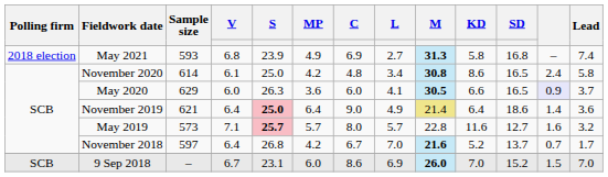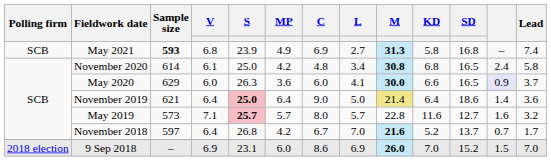 <table class="wikitable sortable" style="text-align:center;font-size:90%;line-height:14px;">
 <tr style="height:40px;">
 <th rowspan="2">Polling firm</th>
 <th rowspan="2">Fieldwork date</th>
 <th rowspan="2">Sample<br>size</th>
 <th class="sortable" style="width:40px;"><a href='#'>V</a></th>
 <th class="sortable" style="width:40px;"><a href='#'>S</a></th>
 <th class="sortable" style="width:40px;"><a href='#'>MP</a></th>
 <th class="sortable" style="width:40px;"><a href='#'>C</a></th>
 <th class="sortable" style="width:40px;"><a href='#'>L</a></th>
 <th class="sortable" style="width:40px;"><a href='#'>M</a></th>
 <th class="sortable" style="width:40px;"><a href='#'>KD</a></th>
 <th class="sortable" style="width:40px;"><a href='#'>SD</a></th>
 <th class="sortable" style="width:30px;" rowspan="2"></th>
 <th style="width:30px;" rowspan="2">Lead</th>
 </tr>
 <tr>
 <th style="background:"></th>
 <th style="background:"></th>
 <th style="background:"></th>
 <th style="background:"></th>
 <th style="background:"></th>
 <th style="background:"></th>
 <th style="background:"></th>
 <th style="background:"></th>
 </tr>
 <tr>
-<td><a href='#'>2018 election</a></td>
+<td>SCB</td>
 <td>May 2021</td>
-<td>593</td>
+<td><strong>593</strong></td>
 <td>6.8</td>
 <td>23.9</td>
 <td>4.9</td>
 <td>6.9</td>
 <td>2.7</td>
 <td style="background:#C6E9F7;"><strong>31.3</strong></td>
 <td>5.8</td>
 <td>16.8</td>
 <td>–</td>
 <td style="background:">7.4</td>
 </tr>
 <tr>
 <td rowspan="5">SCB</td>
 <td>November 2020</td>
 <td>614</td>
 <td>6.1</td>
 <td>25.0</td>
 <td>4.2</td>
 <td>4.8</td>
 <td>3.4</td>
 <td style="background:#C6E9F7;"><strong>30.8</strong></td>
-<td>8.6</td>
+<td>6.8</td>
 <td>16.5</td>
 <td>2.4</td>
 <td style="background:">5.8</td>
 </tr>
 <tr>
 <td>May 2020</td>
 <td>629</td>
 <td>6.0</td>
 <td>26.3</td>
 <td>3.6</td>
 <td>6.0</td>
 <td>4.1</td>
-<td style="background:#C6E9F7;"><strong>30.5</strong></td>
+<td style="background:#C6E9F7;"><strong>30.0</strong></td>
 <td>6.6</td>
 <td>16.5</td>
 <td style="background: lavender;">0.9</td>
 <td style="background:">3.7</td>
 </tr>
 <tr>
 <td>November 2019</td>
 <td>621</td>
 <td>6.4</td>
 <td style="background:#F9BDC5;"><strong>25.0</strong></td>
 <td>6.4</td>
 <td>9.0</td>
-<td>4.9</td>
+<td>5.0</td>
 <td style="background: khaki;">21.4</td>
 <td>6.4</td>
 <td>18.6</td>
 <td>1.4</td>
 <td style="background:">3.6</td>
 </tr>
 <tr>
 <td>May 2019</td>
 <td>573</td>
 <td>7.1</td>
 <td style="background:#F9BDC5;"><strong>25.7</strong></td>
 <td>5.7</td>
 <td>8.0</td>
 <td>5.7</td>
 <td>22.8</td>
 <td>11.6</td>
 <td>12.7</td>
 <td>1.6</td>
 <td style="background:">3.2</td>
 </tr>
 <tr>
 <td>November 2018</td>
 <td>597</td>
 <td>6.4</td>
 <td>26.8</td>
 <td>4.2</td>
 <td>6.7</td>
 <td>7.0</td>
 <td style="background:#C6E9F7;"><strong>21.6</strong></td>
 <td>5.2</td>
 <td>13.7</td>
 <td>0.7</td>
 <td style="background:">1.7</td>
 </tr>
 <tr>
 </tr>
 <tr style="background:#E9E9E9;">
-<td>SCB</td>
+<td><a href='#'>2018 election</a></td>
 <td data-sort-value="2018-09-09">9 Sep 2018</td>
 <td>–</td>
-<td>6.7</td>
+<td>6.9</td>
 <td>23.1</td>
 <td>6.0</td>
 <td>8.6</td>
 <td>6.9</td>
 <td style="background:#C6E9F7;"><strong>26.0</strong></td>
 <td>7.0</td>
 <td>15.2</td>
 <td>1.5</td>
 <td style="background:">7.0</td>
 </tr>
 </table>
